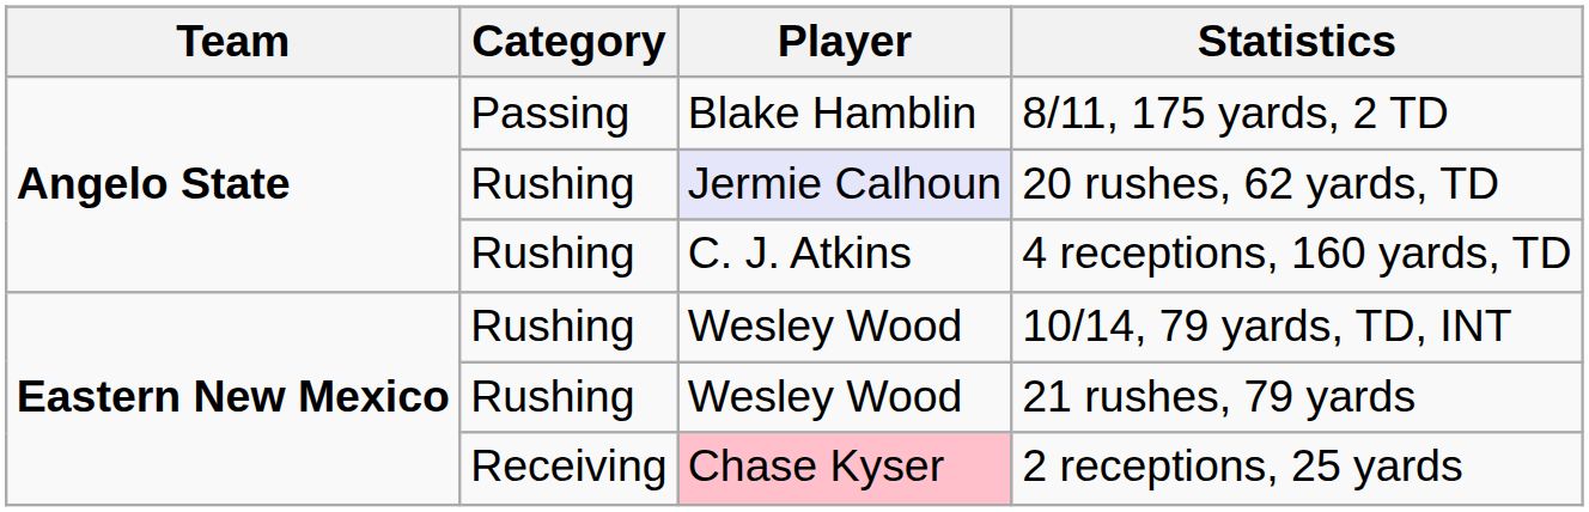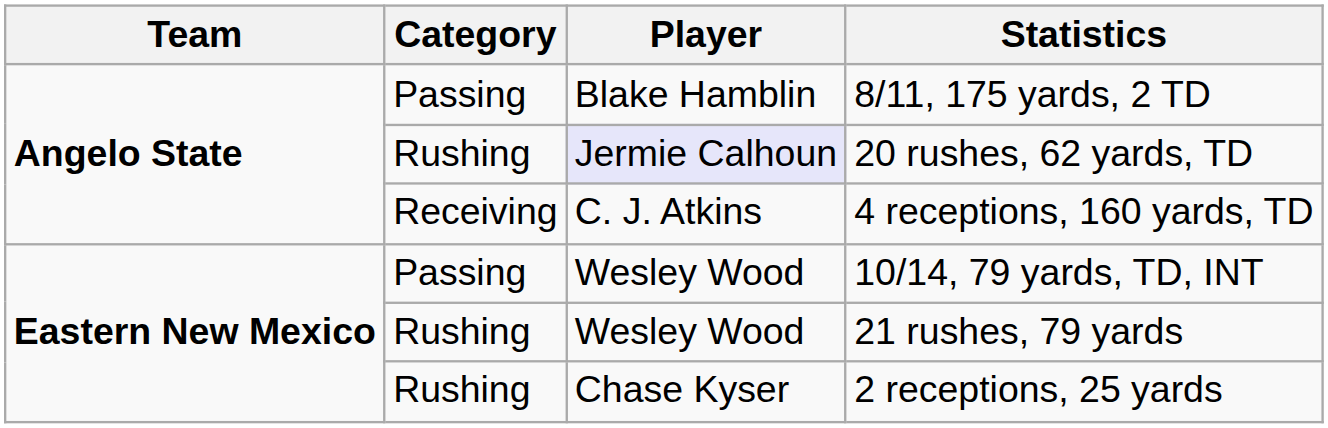 <table class="wikitable" style="float: left;">
 <tr>
 <th>Team</th>
 <th>Category</th>
 <th>Player</th>
 <th>Statistics</th>
 </tr>
 <tr>
 <td rowspan=3><strong>Angelo State</strong></td>
 <td>Passing</td>
 <td>Blake Hamblin</td>
 <td>8/11, 175 yards, 2 TD</td>
 </tr>
 <tr>
 <td>Rushing</td>
 <td style="background: lavender;">Jermie Calhoun</td>
 <td>20 rushes, 62 yards, TD</td>
 </tr>
 <tr>
-<td>Rushing</td>
+<td>Receiving</td>
 <td>C. J. Atkins</td>
 <td>4 receptions, 160 yards, TD</td>
 </tr>
 <tr>
 <td rowspan=3><strong>Eastern New Mexico</strong></td>
-<td>Rushing</td>
+<td>Passing</td>
 <td>Wesley Wood</td>
 <td>10/14, 79 yards, TD, INT</td>
 </tr>
 <tr>
 <td>Rushing</td>
 <td>Wesley Wood</td>
 <td>21 rushes, 79 yards</td>
 </tr>
 <tr>
-<td>Receiving</td>
-<td style="background: pink;">Chase Kyser</td>
+<td>Rushing</td>
+<td>Chase Kyser</td>
 <td>2 receptions, 25 yards</td>
 </tr>
 </table>
